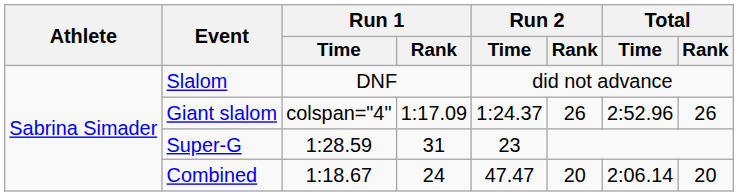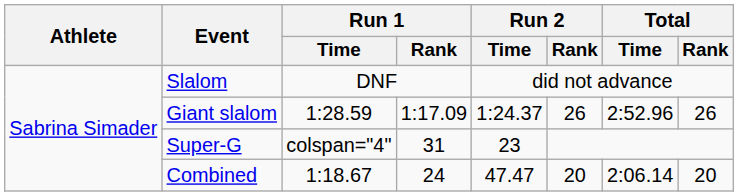 <table class="wikitable" style="font-size:90%">
 <tr>
 <th rowspan=2>Athlete</th>
 <th rowspan=2>Event</th>
 <th colspan=2>Run 1</th>
 <th colspan=2>Run 2</th>
 <th colspan=2>Total</th>
 </tr>
 <tr style="font-size:95%">
 <th>Time</th>
 <th>Rank</th>
 <th>Time</th>
 <th>Rank</th>
 <th>Time</th>
 <th>Rank</th>
 </tr>
 <tr align=center>
 <td align="left" rowspan="4"><a href='#'>Sabrina Simader</a></td>
 <td align="left"><a href='#'>Slalom</a></td>
 <td colspan=2>DNF</td>
 <td colspan=4>did not advance</td>
 </tr>
 <tr align=center>
 <td align="left"><a href='#'>Giant slalom</a></td>
-<td>colspan="4" </td>
+<td>1:28.59</td>
 <td>1:17.09</td>
 <td>1:24.37</td>
 <td>26</td>
 <td>2:52.96</td>
 <td>26</td>
 </tr>
 <tr align=center>
 <td align="left"><a href='#'>Super-G</a></td>
-<td>1:28.59</td>
+<td>colspan="4" </td>
 <td>31</td>
 <td>23</td>
 </tr>
 <tr align=center>
 <td align="left"><a href='#'>Combined</a></td>
 <td>1:18.67</td>
 <td>24</td>
 <td>47.47</td>
 <td>20</td>
 <td>2:06.14</td>
 <td>20</td>
 </tr>
 </table>
